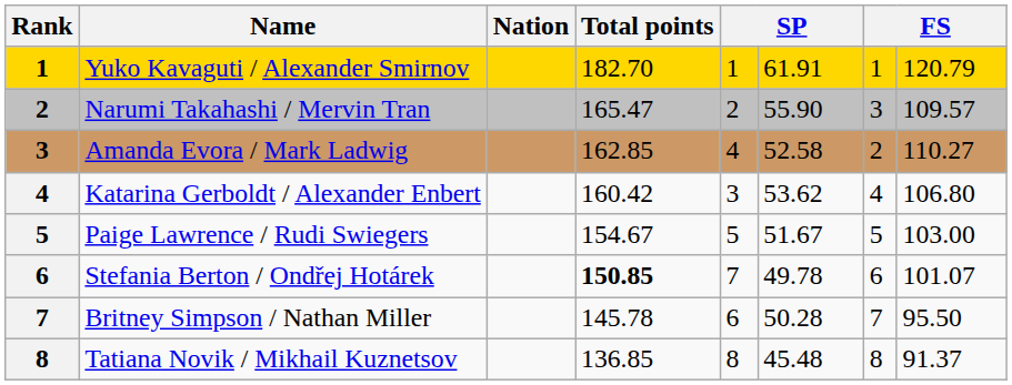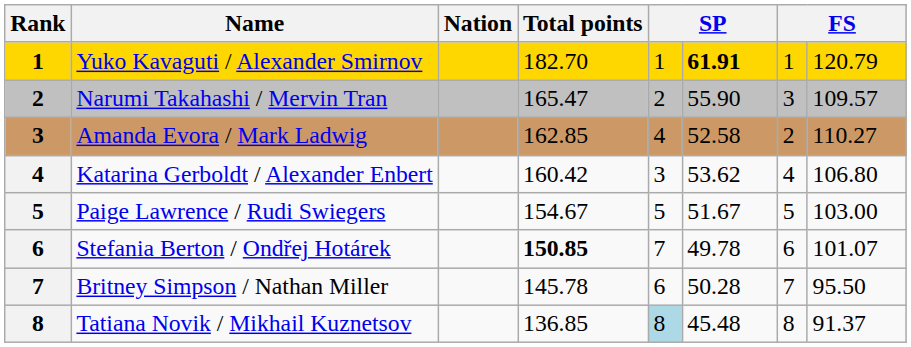 <table class="wikitable sortable">
 <tr>
 <th>Rank</th>
 <th>Name</th>
 <th>Nation</th>
 <th>Total points</th>
 <th colspan="2" width="80px"><a href='#'>SP</a></th>
 <th colspan="2" width="80px"><a href='#'>FS</a></th>
 </tr>
 <tr bgcolor="gold">
 <td align="center"><strong>1</strong></td>
 <td><a href='#'>Yuko Kavaguti</a> / <a href='#'>Alexander Smirnov</a></td>
 <td></td>
 <td>182.70</td>
 <td>1</td>
-<td>61.91</td>
+<td><strong>61.91</strong></td>
 <td>1</td>
 <td>120.79</td>
 </tr>
 <tr bgcolor="silver">
 <td align="center"><strong>2</strong></td>
 <td><a href='#'>Narumi Takahashi</a> / <a href='#'>Mervin Tran</a></td>
 <td></td>
 <td>165.47</td>
 <td>2</td>
 <td>55.90</td>
 <td>3</td>
 <td>109.57</td>
 </tr>
 <tr bgcolor="cc9966">
 <td align="center"><strong>3</strong></td>
 <td><a href='#'>Amanda Evora</a> / <a href='#'>Mark Ladwig</a></td>
 <td></td>
 <td>162.85</td>
 <td>4</td>
 <td>52.58</td>
 <td>2</td>
 <td>110.27</td>
 </tr>
 <tr>
 <th>4</th>
 <td><a href='#'>Katarina Gerboldt</a> / <a href='#'>Alexander Enbert</a></td>
 <td></td>
 <td>160.42</td>
 <td>3</td>
 <td>53.62</td>
 <td>4</td>
 <td>106.80</td>
 </tr>
 <tr>
 <th>5</th>
 <td><a href='#'>Paige Lawrence</a> / <a href='#'>Rudi Swiegers</a></td>
 <td></td>
 <td>154.67</td>
 <td>5</td>
 <td>51.67</td>
 <td>5</td>
 <td>103.00</td>
 </tr>
 <tr>
 <th>6</th>
 <td><a href='#'>Stefania Berton</a> / <a href='#'>Ondřej Hotárek</a></td>
 <td></td>
 <td><strong>150.85</strong></td>
 <td>7</td>
 <td>49.78</td>
 <td>6</td>
 <td>101.07</td>
 </tr>
 <tr>
 <th>7</th>
 <td><a href='#'>Britney Simpson</a> / Nathan Miller</td>
 <td></td>
 <td>145.78</td>
 <td>6</td>
 <td>50.28</td>
 <td>7</td>
 <td>95.50</td>
 </tr>
 <tr>
 <th>8</th>
 <td><a href='#'>Tatiana Novik</a> / <a href='#'>Mikhail Kuznetsov</a></td>
 <td></td>
 <td>136.85</td>
-<td>8</td>
+<td style="background: lightblue;">8</td>
 <td>45.48</td>
 <td>8</td>
 <td>91.37</td>
 </tr>
 </table>
